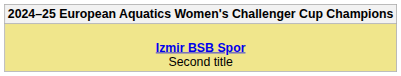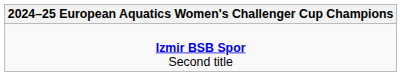 <table class=wikitable style="text-align:center; margin:auto">
 <tr>
 <th>2024–25 European Aquatics Women's Challenger Cup Champions</th>
 </tr>
 <tr>
-<td style="background: khaki;"> <br><strong><a href='#'>Izmir BSB Spor</a></strong><br>Second title</td>
+<td> <br><strong><a href='#'>Izmir BSB Spor</a></strong><br>Second title</td>
 </tr>
 </table>
